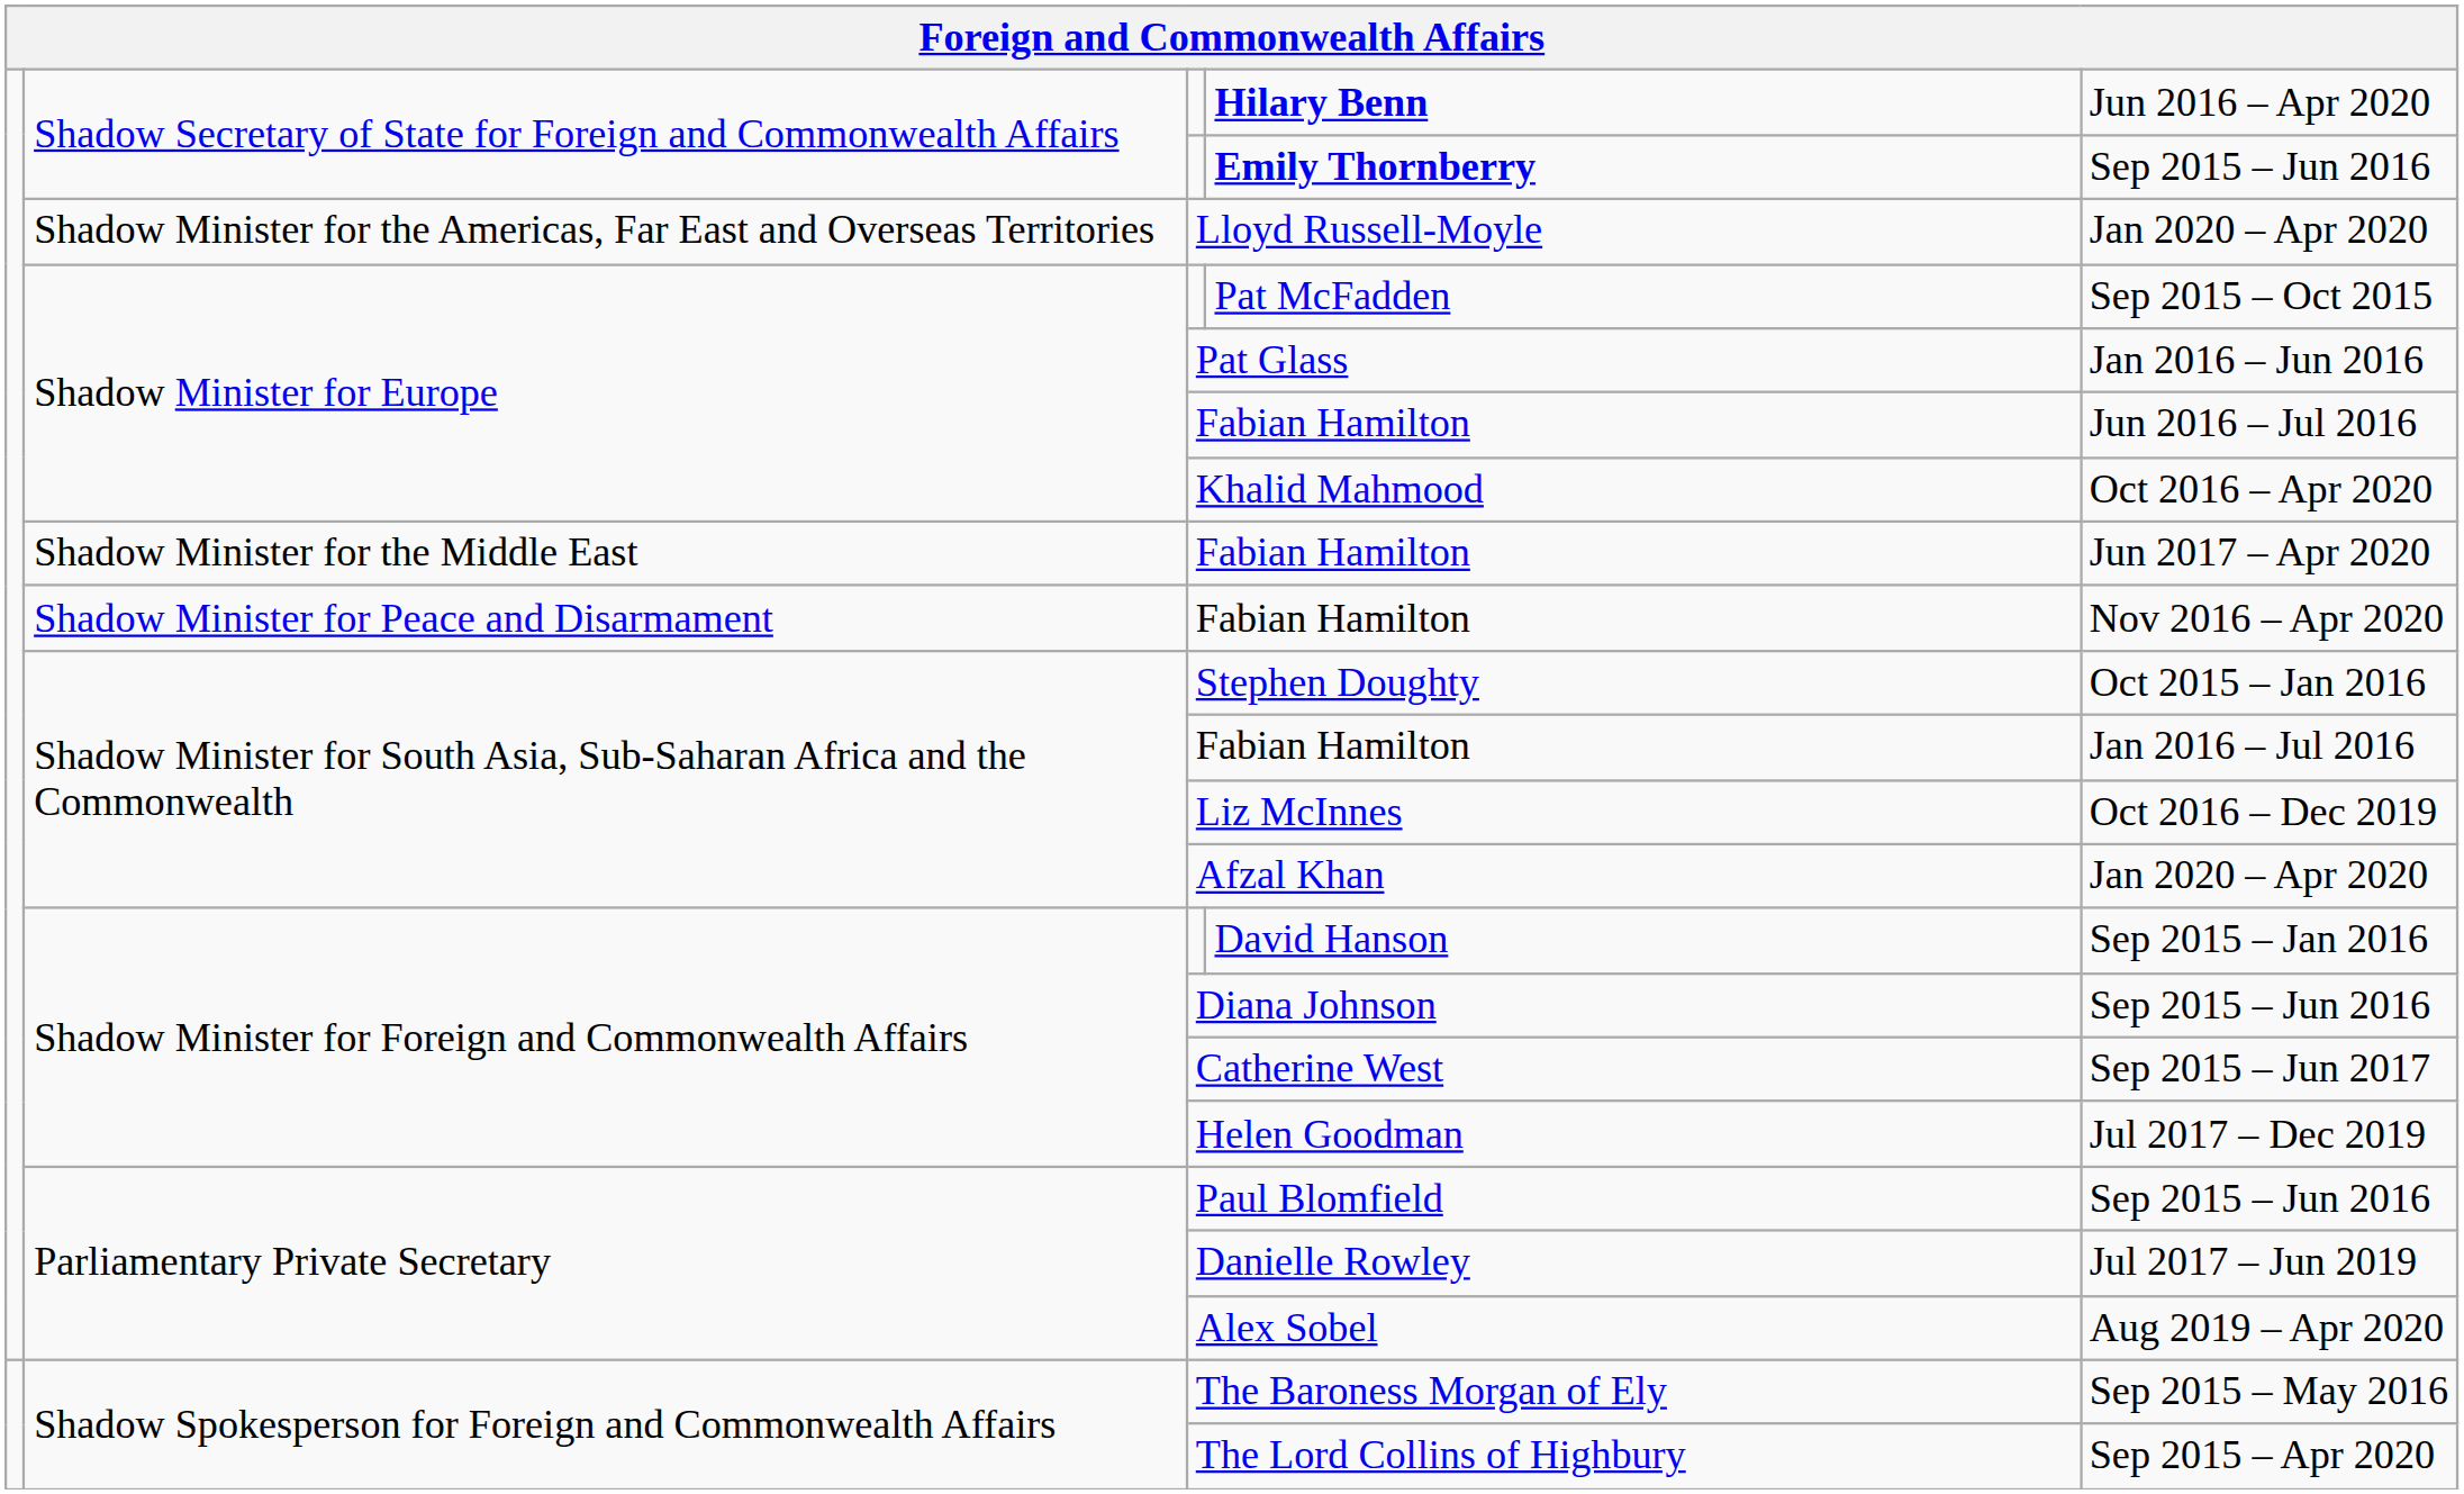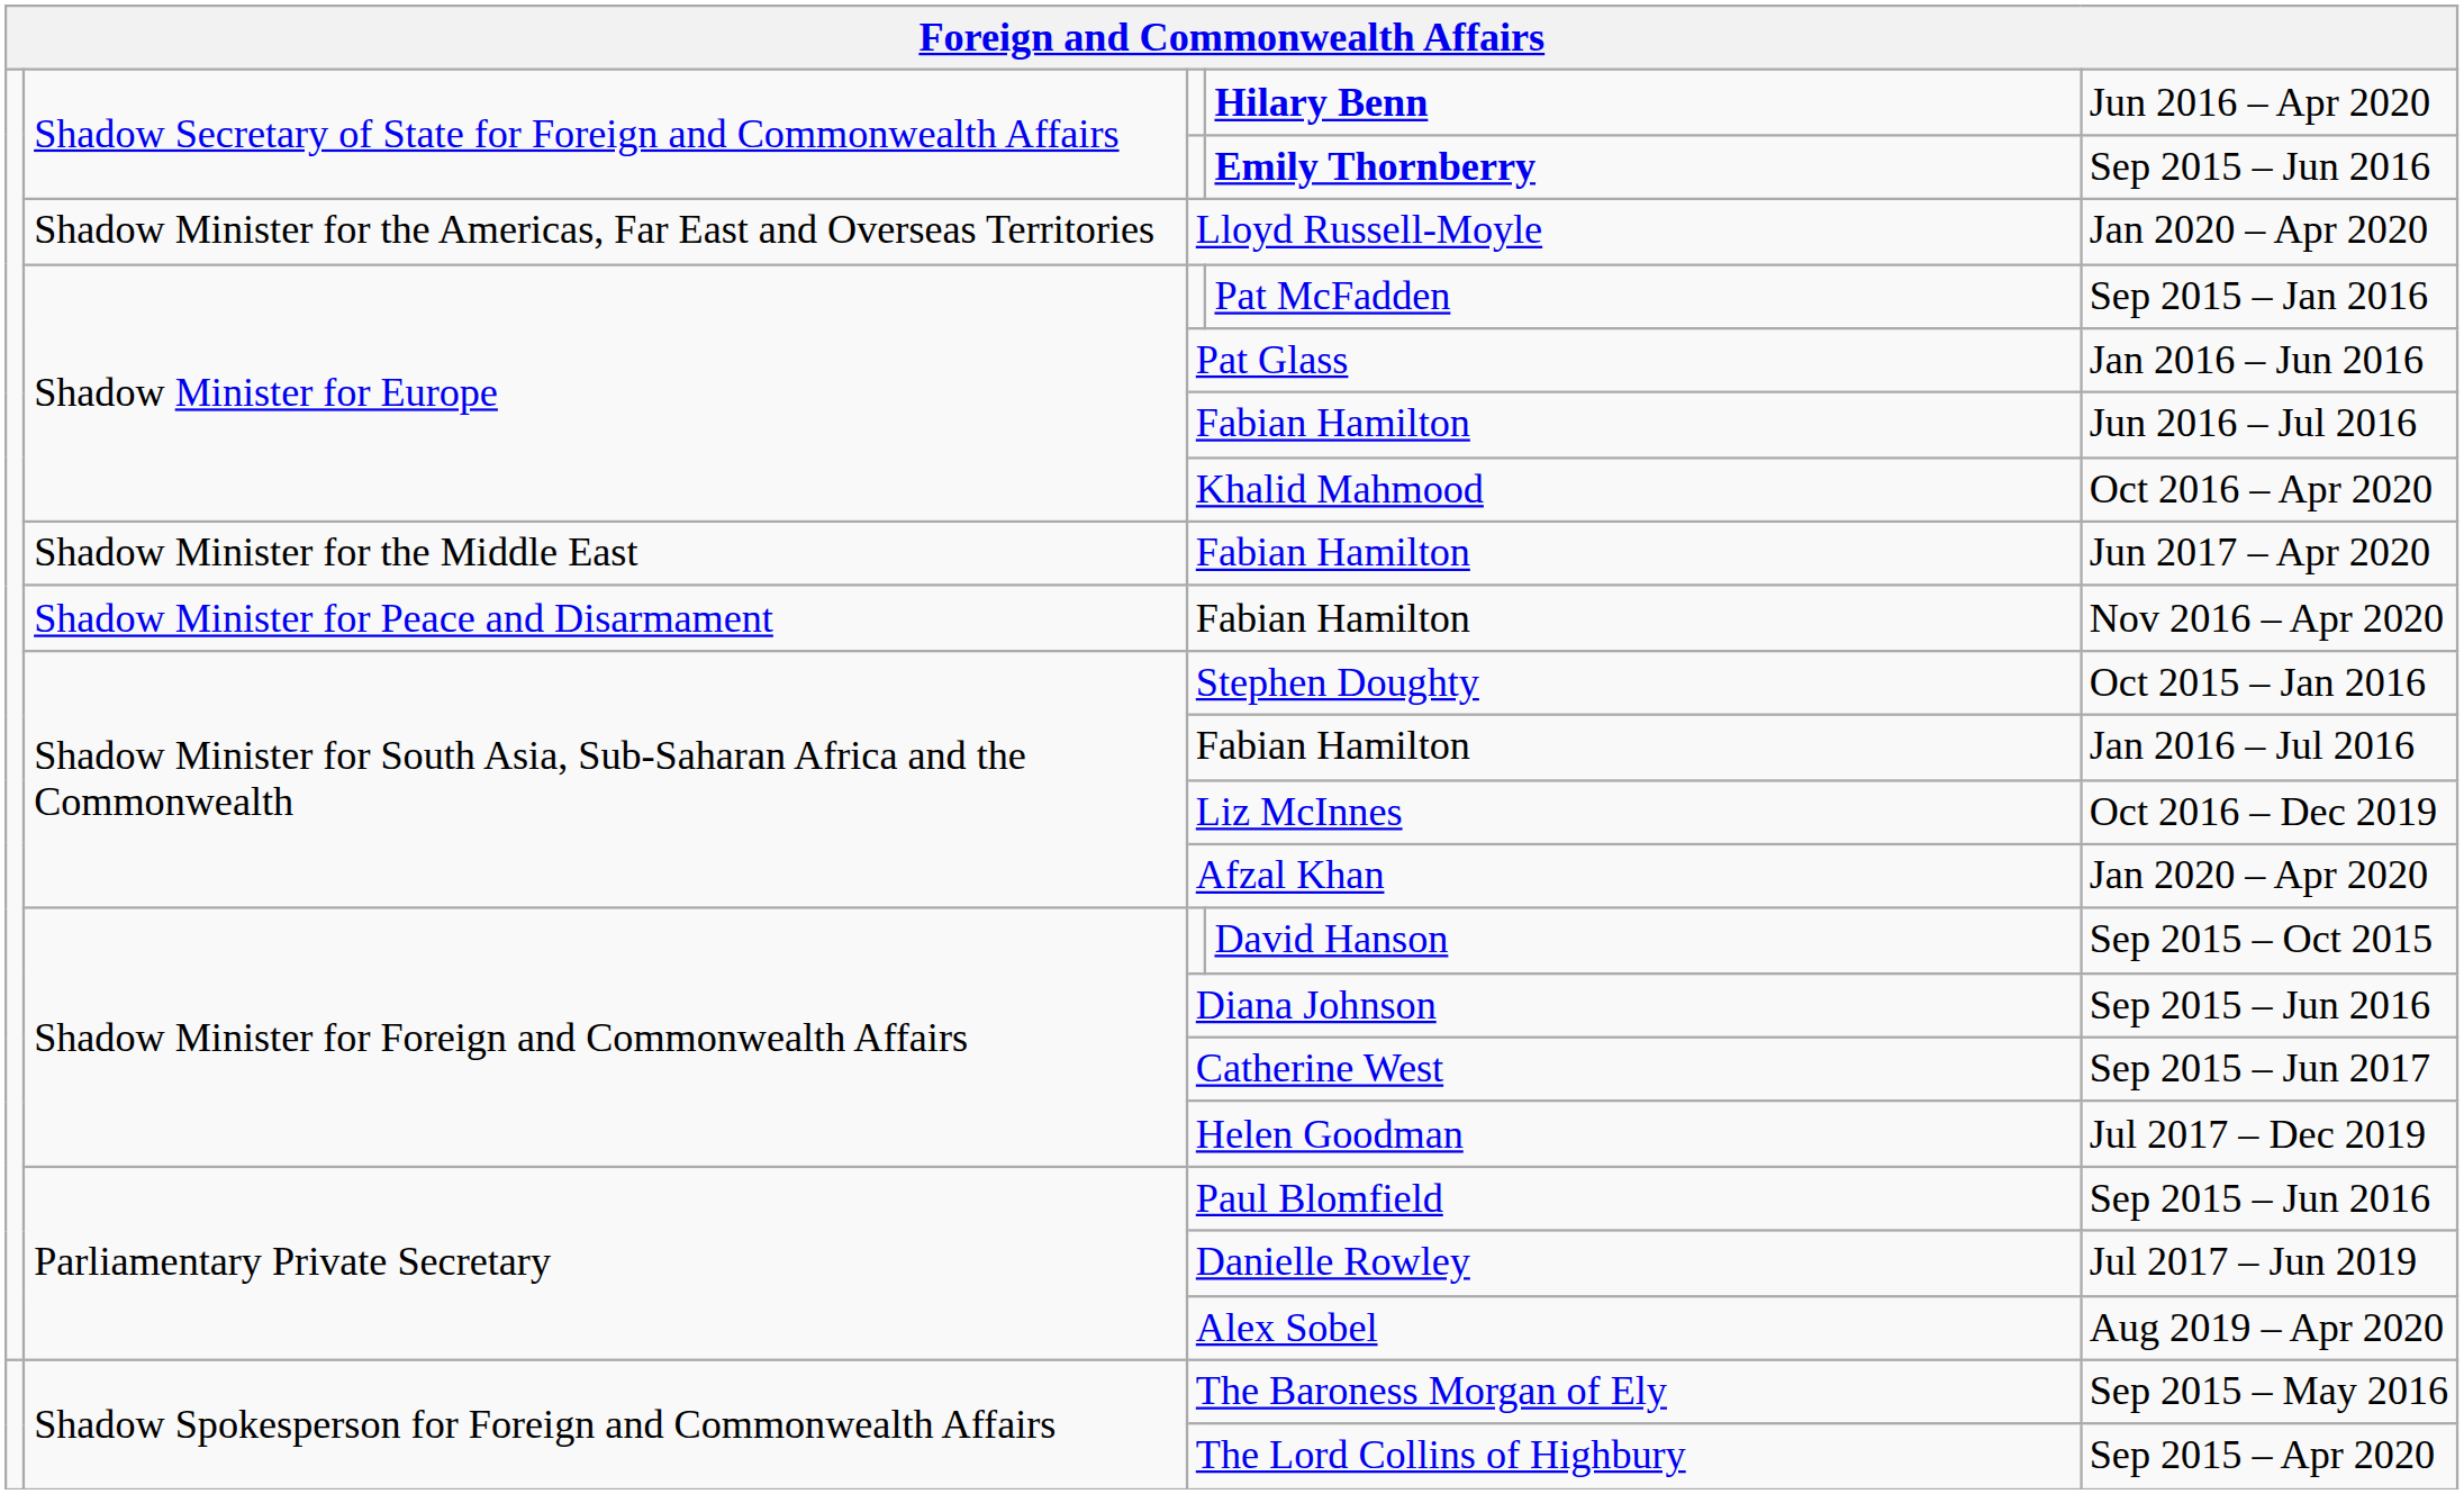 <table class="wikitable">
 <tr>
 <th colspan="5"><a href='#'>Foreign and Commonwealth Affairs</a></th>
 </tr>
 <tr>
 <td rowspan="20" style="background: "></td>
 <td rowspan="2" style="width: 450px;"><a href='#'>Shadow Secretary of State for Foreign and Commonwealth Affairs</a></td>
 <td style="background: "></td>
 <td style="width: 337px;"><strong><a href='#'>Hilary Benn</a></strong></td>
 <td>Jun 2016 – Apr 2020</td>
 </tr>
 <tr>
 <td style="background: "></td>
 <td><strong><a href='#'>Emily Thornberry</a></strong></td>
 <td>Sep 2015 – Jun 2016</td>
 </tr>
 <tr>
 <td>Shadow Minister for the Americas, Far East and Overseas Territories</td>
 <td colspan="2"><a href='#'>Lloyd Russell-Moyle</a></td>
 <td>Jan 2020 – Apr 2020</td>
 </tr>
 <tr>
 <td colspan="1" rowspan="4">Shadow <a href='#'>Minister for Europe</a></td>
 <td style="background: "></td>
 <td><a href='#'>Pat McFadden</a></td>
-<td>Sep 2015 – Oct 2015</td>
+<td>Sep 2015  – Jan 2016</td>
 </tr>
 <tr>
 <td colspan="2"><a href='#'>Pat Glass</a></td>
 <td>Jan 2016 – Jun 2016</td>
 </tr>
 <tr>
 <td colspan="2"><a href='#'>Fabian Hamilton</a></td>
 <td>Jun 2016 – Jul 2016</td>
 </tr>
 <tr>
 <td colspan="2"><a href='#'>Khalid Mahmood</a></td>
 <td>Oct 2016 – Apr 2020</td>
 </tr>
 <tr>
 <td>Shadow Minister for the Middle East</td>
 <td colspan="2"><a href='#'>Fabian Hamilton</a></td>
 <td>Jun 2017 – Apr 2020</td>
 </tr>
 <tr>
 <td><a href='#'>Shadow Minister for Peace and Disarmament</a></td>
 <td colspan="2">Fabian Hamilton</td>
 <td>Nov 2016 – Apr 2020</td>
 </tr>
 <tr>
 <td rowspan="4">Shadow Minister for South Asia, Sub-Saharan Africa and the Commonwealth</td>
 <td colspan="2"><a href='#'>Stephen Doughty</a></td>
 <td>Oct 2015 – Jan 2016</td>
 </tr>
 <tr>
 <td colspan="2">Fabian Hamilton</td>
 <td>Jan 2016 – Jul 2016</td>
 </tr>
 <tr>
 <td colspan="2"><a href='#'>Liz McInnes</a></td>
 <td>Oct 2016 – Dec 2019</td>
 </tr>
 <tr>
 <td colspan="2"><a href='#'>Afzal Khan</a></td>
 <td>Jan 2020 – Apr 2020</td>
 </tr>
 <tr>
 <td rowspan="4">Shadow Minister for Foreign and Commonwealth Affairs</td>
 <td style="background: "></td>
 <td><a href='#'>David Hanson</a></td>
-<td>Sep 2015  – Jan 2016</td>
+<td>Sep 2015 – Oct 2015</td>
 </tr>
 <tr>
 <td colspan="2"><a href='#'>Diana Johnson</a></td>
 <td>Sep 2015 – Jun 2016</td>
 </tr>
 <tr>
 <td colspan="2"><a href='#'>Catherine West</a></td>
 <td>Sep 2015 – Jun 2017</td>
 </tr>
 <tr>
 <td colspan="2"><a href='#'>Helen Goodman</a></td>
 <td>Jul 2017 – Dec 2019</td>
 </tr>
 <tr>
 <td rowspan="3">Parliamentary Private Secretary</td>
 <td colspan="2"><a href='#'>Paul Blomfield</a></td>
 <td>Sep 2015 – Jun 2016</td>
 </tr>
 <tr>
 <td colspan="2"><a href='#'>Danielle Rowley</a></td>
 <td>Jul 2017 – Jun 2019</td>
 </tr>
 <tr>
 <td colspan="2"><a href='#'>Alex Sobel</a></td>
 <td>Aug 2019 – Apr 2020</td>
 </tr>
 <tr>
 <td rowspan="2" style="background: "></td>
 <td rowspan="2">Shadow Spokesperson for Foreign and Commonwealth Affairs</td>
 <td colspan="2"><a href='#'>The Baroness Morgan of Ely</a></td>
 <td>Sep 2015 – May 2016</td>
 </tr>
 <tr>
 <td colspan="2"><a href='#'>The Lord Collins of Highbury</a></td>
 <td>Sep 2015 – Apr 2020</td>
 </tr>
 </table>
